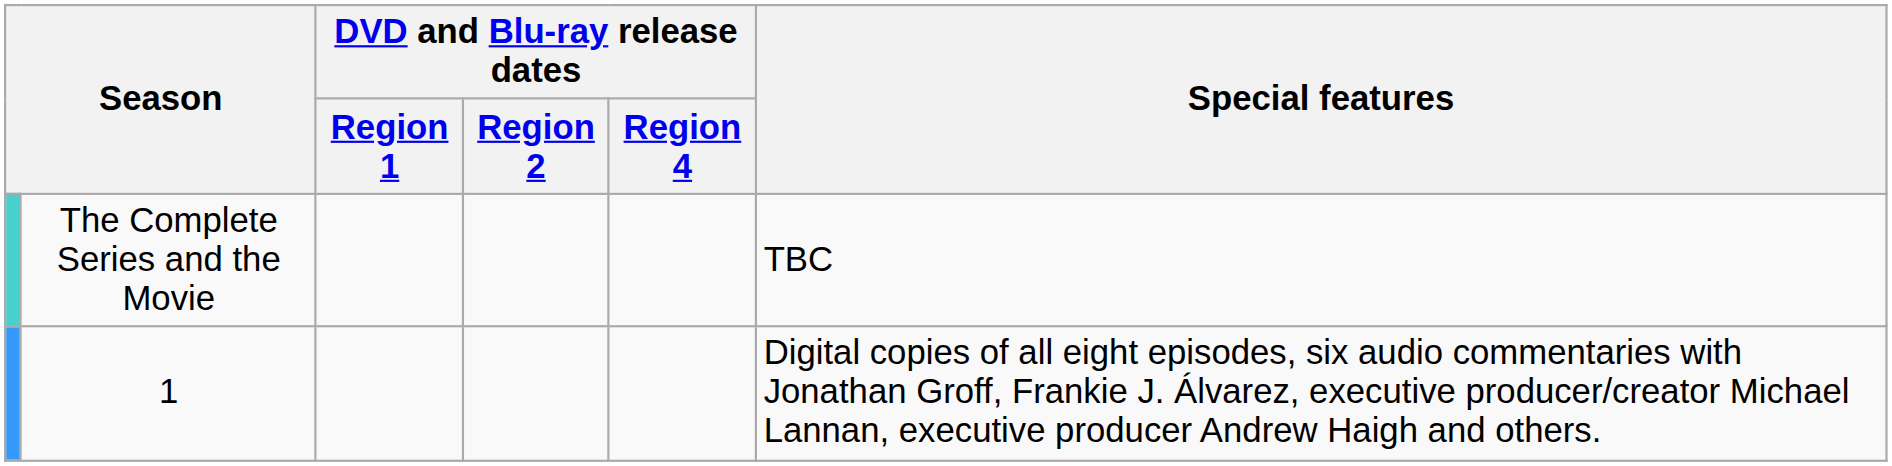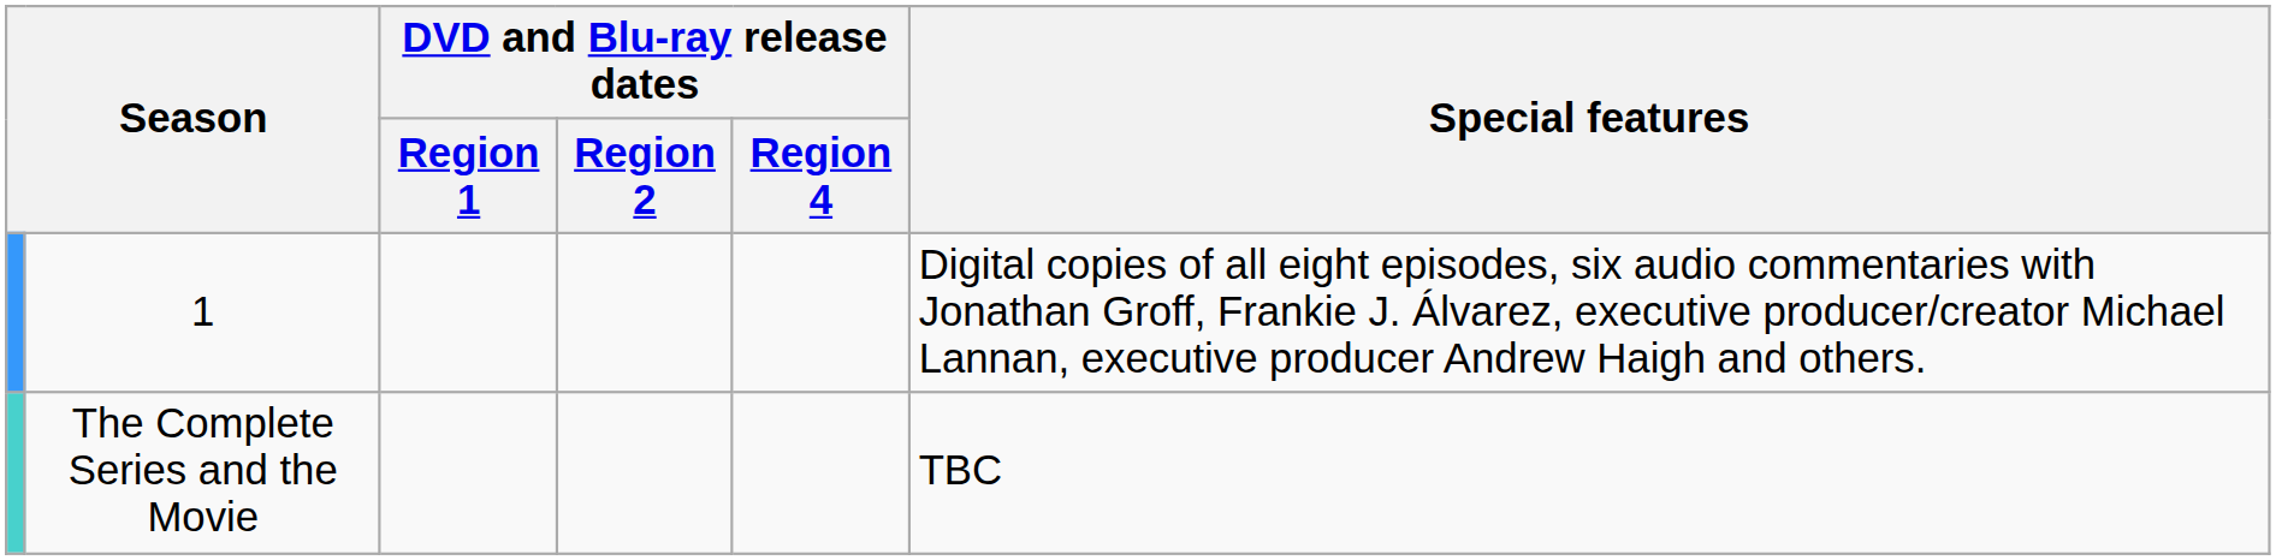 <table class="wikitable" style="text-align: center;">
 <tr>
 <th style="padding: 0 8px;" colspan="2" rowspan="2">Season</th>
 <th colspan="3"><a href='#'>DVD</a> and <a href='#'>Blu-ray</a> release dates</th>
 <th rowspan="2">Special features</th>
 </tr>
 <tr>
 <th><a href='#'>Region 1</a></th>
 <th><a href='#'>Region 2</a></th>
 <th><a href='#'>Region 4</a></th>
 </tr>
 <tr>
+<td style="background: #3598FB;"></td>
+<td>1</td>
+<td style="padding: 0 8px;"></td>
+<td style="padding: 0 8px;"></td>
+<td style="padding: 0 8px;"></td>
+<td style="text-align:left">Digital copies of all eight episodes, six audio commentaries with Jonathan Groff, Frankie J. Álvarez, executive producer/creator Michael Lannan, executive producer Andrew Haigh and others.</td>
+</tr>
+<tr>
 <td style="background: #48D1CC;"></td>
 <td>The Complete Series and the Movie</td>
 <td></td>
 <td></td>
 <td></td>
 <td style="text-align:left">TBC</td>
 </tr>
-<tr>
-<td style="background: #3598FB;"></td>
-<td>1</td>
-<td style="padding: 0 8px;"></td>
-<td style="padding: 0 8px;"></td>
-<td style="padding: 0 8px;"></td>
-<td style="text-align:left">Digital copies of all eight episodes, six audio commentaries with Jonathan Groff, Frankie J. Álvarez, executive producer/creator Michael Lannan, executive producer Andrew Haigh and others.</td>
-</tr>
 </table>
